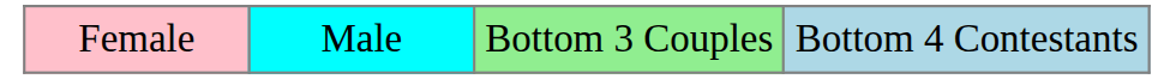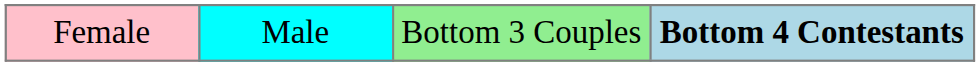 <table border="2" cellpadding="4" style="background:gray; border:1px solid gray; border-collapse:collapse; margin:1em auto; text-align:center;">
 <tr>
 </tr>
 <tr>
 <td style="background:pink;" width="20%">Female</td>
 <td style="background:cyan;" width="20%">Male</td>
 <td style="background:lightgreen;">Bottom 3 Couples</td>
-<td style="background:lightblue;">Bottom 4 Contestants</td>
+<td style="background:lightblue;"><strong>Bottom 4 Contestants</strong></td>
 </tr>
 </table>
